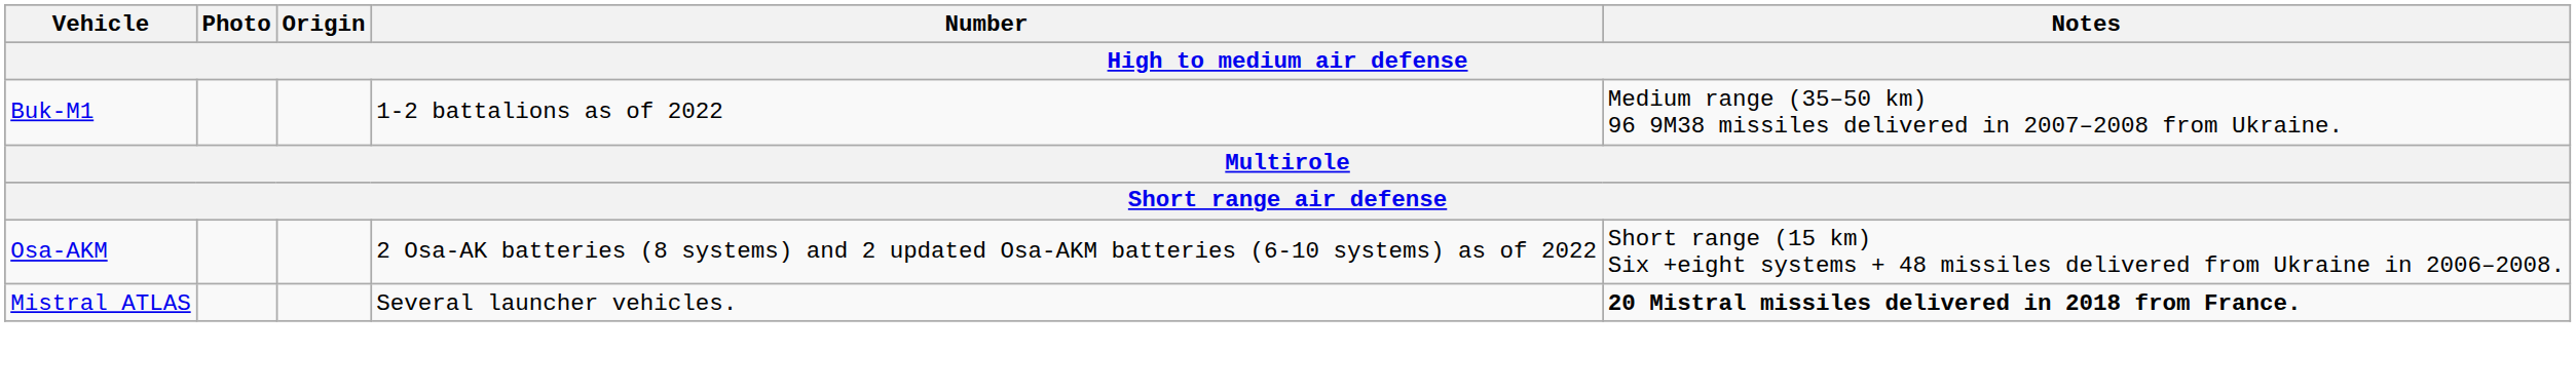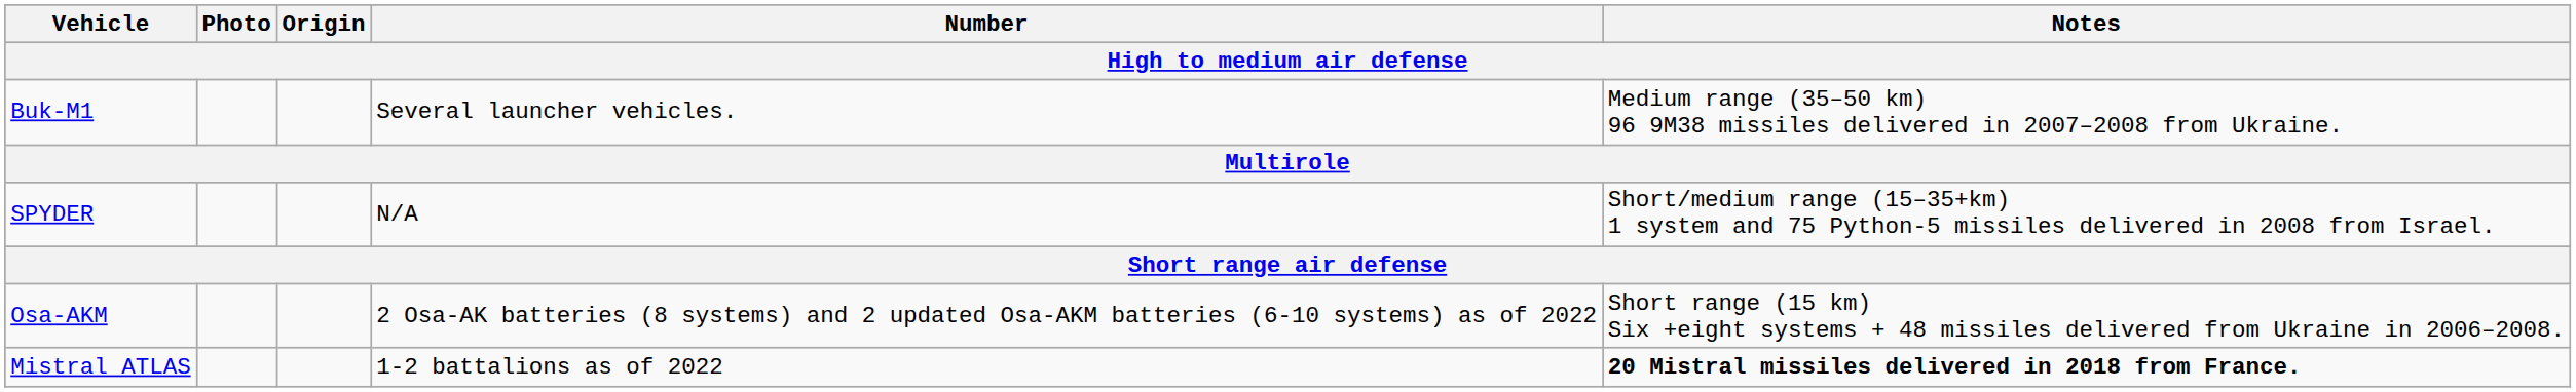 <table class="wikitable">
 <tr>
 <th>Vehicle</th>
 <th>Photo</th>
 <th>Origin</th>
 <th>Number</th>
 <th>Notes</th>
 </tr>
 <tr>
 <th colspan="5"><a href='#'>High to medium air defense</a></th>
 </tr>
 <tr>
 <td><a href='#'>Buk-M1</a></td>
 <td></td>
 <td><br></td>
-<td>1-2 battalions as of 2022</td>
+<td>Several launcher vehicles.</td>
 <td>Medium range (35–50 km)<br>96 9M38 missiles delivered in 2007–2008 from Ukraine.</td>
 </tr>
 <tr>
 <th colspan="5" style="align: center;"><a href='#'>Multirole</a></th>
+</tr>
+<tr>
+<td><a href='#'>SPYDER</a></td>
+<td></td>
+<td></td>
+<td>N/A</td>
+<td>Short/medium range (15–35+km)<br>1 system and 75 Python-5 missiles delivered in 2008 from Israel.</td>
 </tr>
 <tr>
 <th colspan="5" style="align: center;"><a href='#'>Short range air defense</a></th>
 </tr>
 <tr>
 <td><a href='#'>Osa-AKM</a></td>
 <td></td>
 <td><br><br></td>
 <td>2 Osa-AK batteries (8 systems) and 2 updated Osa-AKM batteries (6-10 systems) as of 2022</td>
 <td>Short range (15 km)<br>Six +eight systems + 48 missiles delivered from Ukraine in 2006–2008.</td>
 </tr>
 <tr>
 <td><a href='#'>Mistral ATLAS</a></td>
 <td></td>
 <td></td>
-<td>Several launcher vehicles.</td>
+<td>1-2 battalions as of 2022</td>
 <td><strong>20 Mistral missiles delivered in 2018 from France.</strong></td>
 </tr>
 </table>
